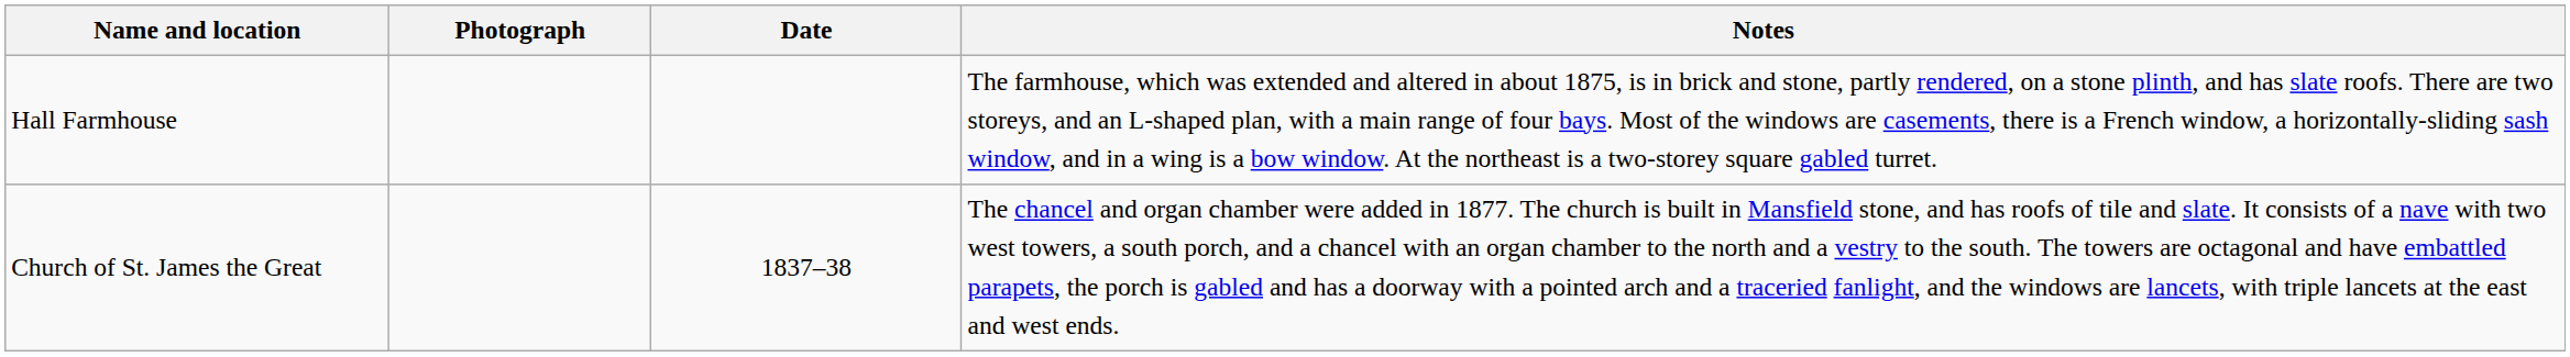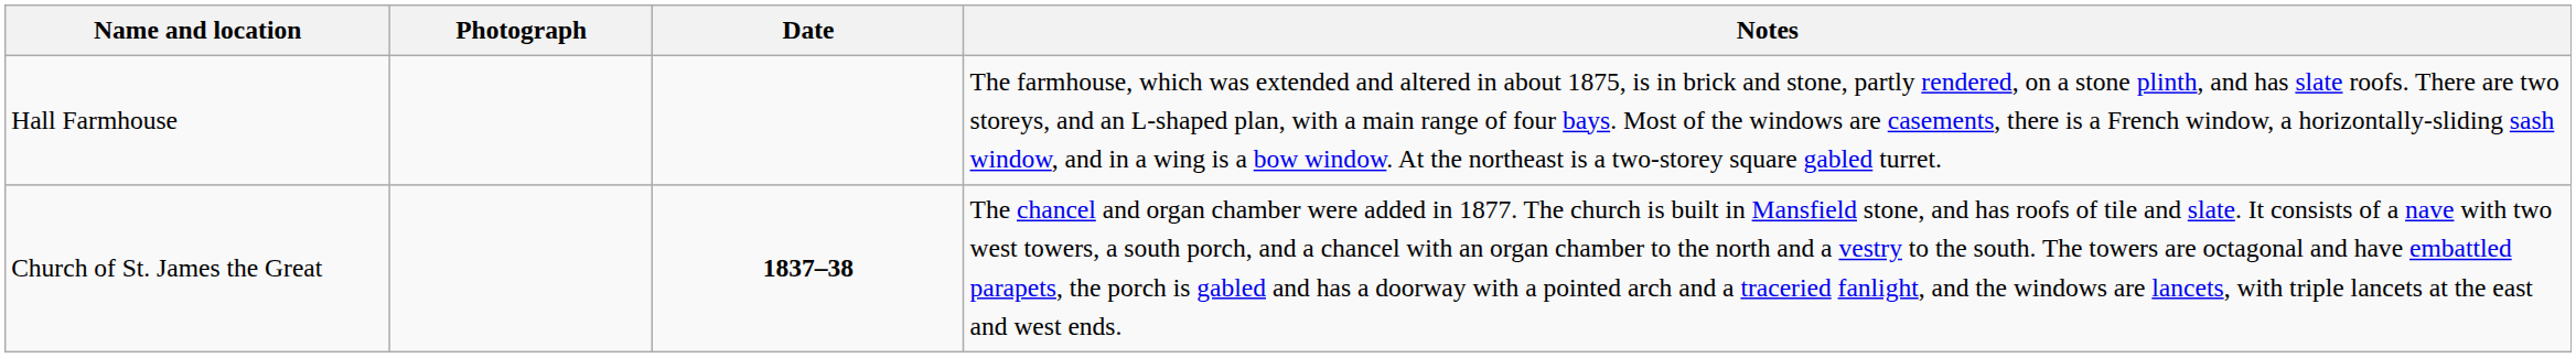 <table class="wikitable sortable plainrowheaders" style="width:100%; border:0px; text-align:left; line-height:150%">
 <tr>
 <th scope="col"  style="width:150px">Name and location</th>
 <th scope="col"  style="width:100px" class="unsortable">Photograph</th>
 <th scope="col"  style="width:120px">Date</th>
 <th scope="col"  style="width:650px" class="unsortable">Notes</th>
 </tr>
 <tr>
 <td>Hall Farmhouse<br><small></small></td>
 <td></td>
 <td align="center"></td>
 <td>The farmhouse, which was extended and altered in about 1875, is in brick and stone, partly <a href='#'>rendered</a>, on a stone <a href='#'>plinth</a>, and has <a href='#'>slate</a> roofs.  There are two storeys, and an L-shaped plan, with a main range of four <a href='#'>bays</a>.  Most of the windows are <a href='#'>casements</a>, there is a French window, a horizontally-sliding <a href='#'>sash window</a>, and in a wing is a <a href='#'>bow window</a>.  At the northeast is a two-storey square <a href='#'>gabled</a> turret.</td>
 </tr>
 <tr>
 <td>Church of St. James the Great<br><small></small></td>
 <td></td>
-<td align="center">1837–38</td>
+<td align="center"><strong>1837–38</strong></td>
 <td>The <a href='#'>chancel</a> and organ chamber were added in 1877.  The church is built in <a href='#'>Mansfield</a> stone, and has roofs of tile and <a href='#'>slate</a>.  It consists of a <a href='#'>nave</a> with two west towers, a south porch, and a chancel with an organ chamber to the north and a <a href='#'>vestry</a> to the south.  The towers are octagonal and have <a href='#'>embattled</a> <a href='#'>parapets</a>, the porch is <a href='#'>gabled</a> and has a doorway with a pointed arch and a <a href='#'>traceried</a> <a href='#'>fanlight</a>, and the windows are <a href='#'>lancets</a>, with triple lancets at the east and west ends.</td>
 </tr>
 <tr>
 </tr>
 </table>
